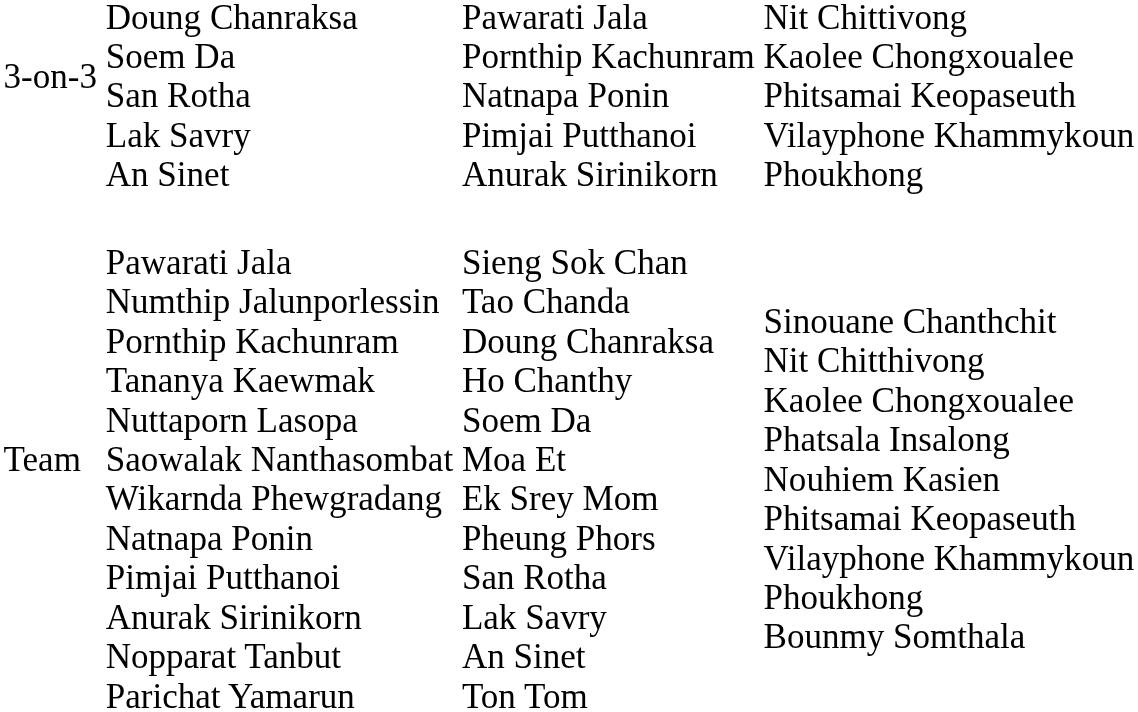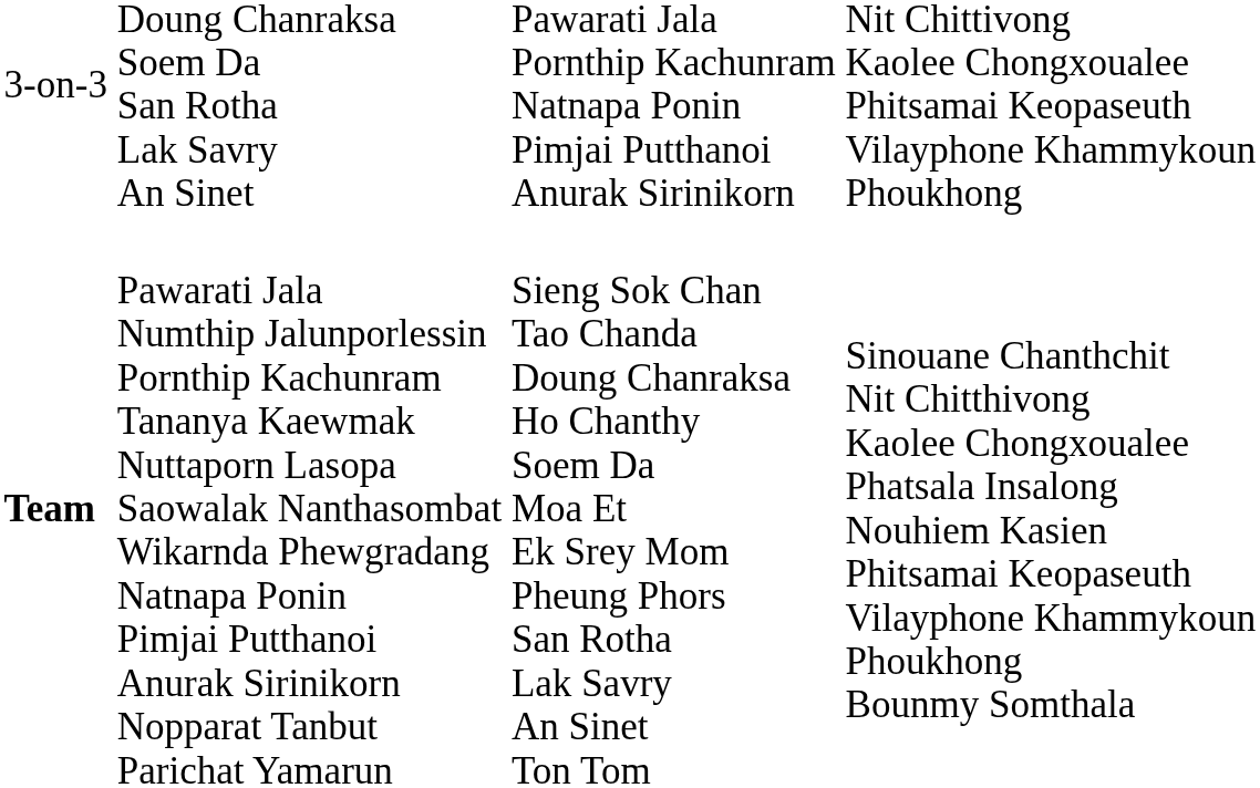 <table>
 <tr>
 <td>3-on-3</td>
 <td nowrap=true><br>Doung Chanraksa<br>Soem Da<br>San Rotha<br>Lak Savry<br>An Sinet</td>
 <td nowrap=true><br>Pawarati Jala<br>Pornthip Kachunram<br>Natnapa Ponin<br>Pimjai Putthanoi<br>Anurak Sirinikorn</td>
 <td nowrap=true><br>Nit Chittivong<br>Kaolee Chongxoualee<br>Phitsamai Keopaseuth<br>Vilayphone Khammykoun<br>Phoukhong</td>
 </tr>
 <tr>
-<td>Team</td>
+<td><strong>Team</strong></td>
 <td nowrap=true><br>Pawarati Jala<br>Numthip Jalunporlessin<br>Pornthip Kachunram<br>Tananya Kaewmak<br>Nuttaporn Lasopa<br>Saowalak Nanthasombat<br>Wikarnda Phewgradang<br>Natnapa Ponin<br>Pimjai Putthanoi<br>Anurak Sirinikorn<br>Nopparat Tanbut<br>Parichat Yamarun</td>
 <td nowrap=true><br>Sieng Sok Chan<br>Tao Chanda<br>Doung Chanraksa<br>Ho Chanthy<br>Soem Da<br>Moa Et<br>Ek Srey Mom<br>Pheung Phors<br>San Rotha<br>Lak Savry<br>An Sinet<br>Ton Tom</td>
 <td nowrap=true><br>Sinouane Chanthchit<br>Nit Chitthivong<br>Kaolee Chongxoualee<br>Phatsala Insalong<br>Nouhiem Kasien<br>Phitsamai Keopaseuth<br>Vilayphone Khammykoun<br>Phoukhong<br>Bounmy Somthala</td>
 </tr>
 </table>
